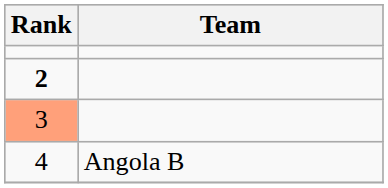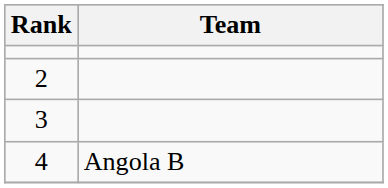 <table class=wikitable style="text-align:center;">
 <tr>
 <th>Rank</th>
 <th width=180>Team</th>
 </tr>
 <tr>
 <td></td>
 <td align=left></td>
 </tr>
 <tr>
-<td><strong>2</strong></td>
+<td>2</td>
 <td align=left></td>
 </tr>
 <tr>
-<td style="background: lightsalmon;">3</td>
+<td>3</td>
 <td align=left></td>
 </tr>
 <tr>
 <td>4</td>
 <td align=left> Angola B</td>
 </tr>
 <tr>
 </tr>
 </table>
